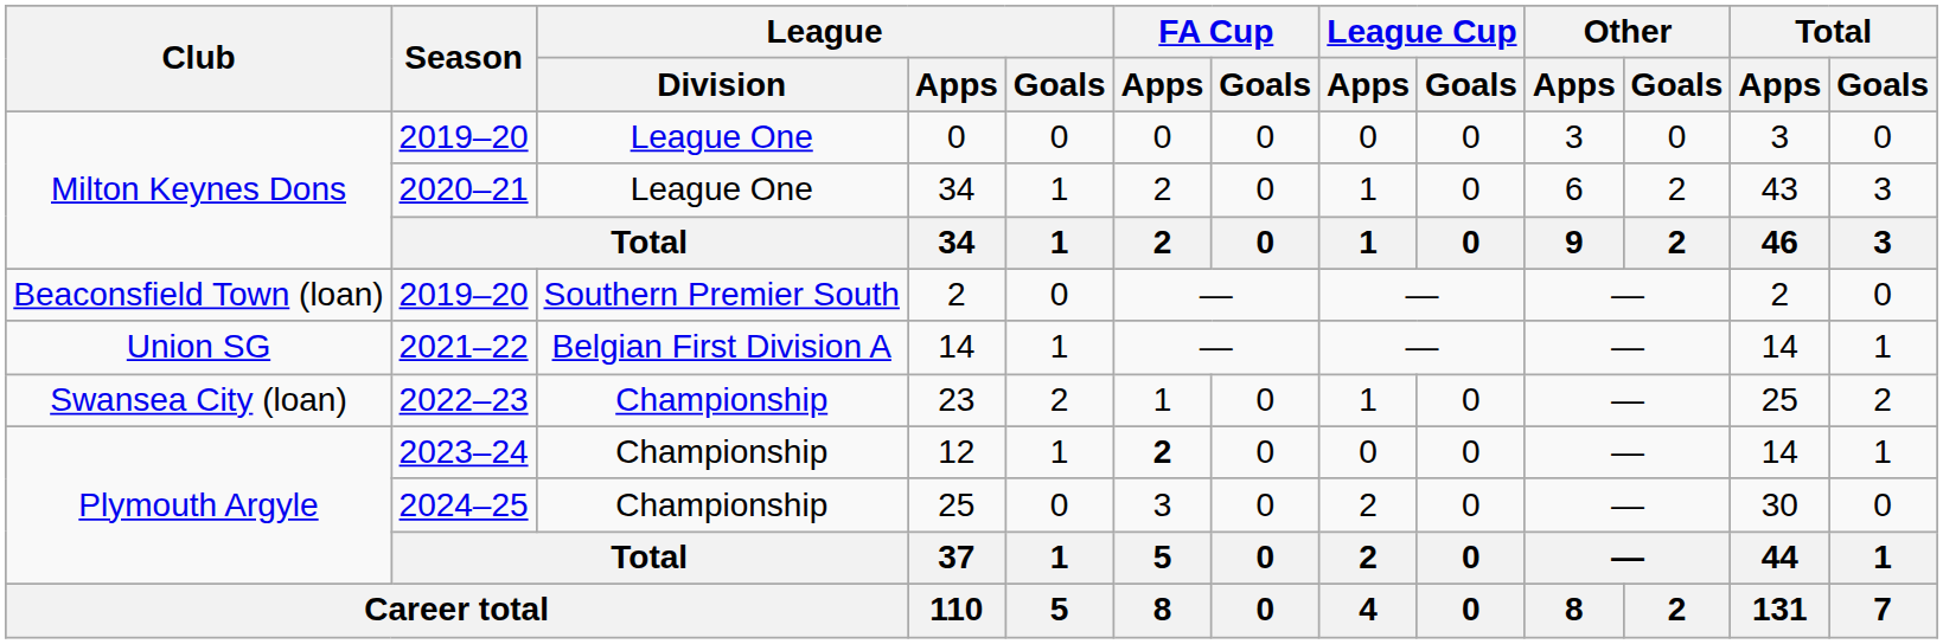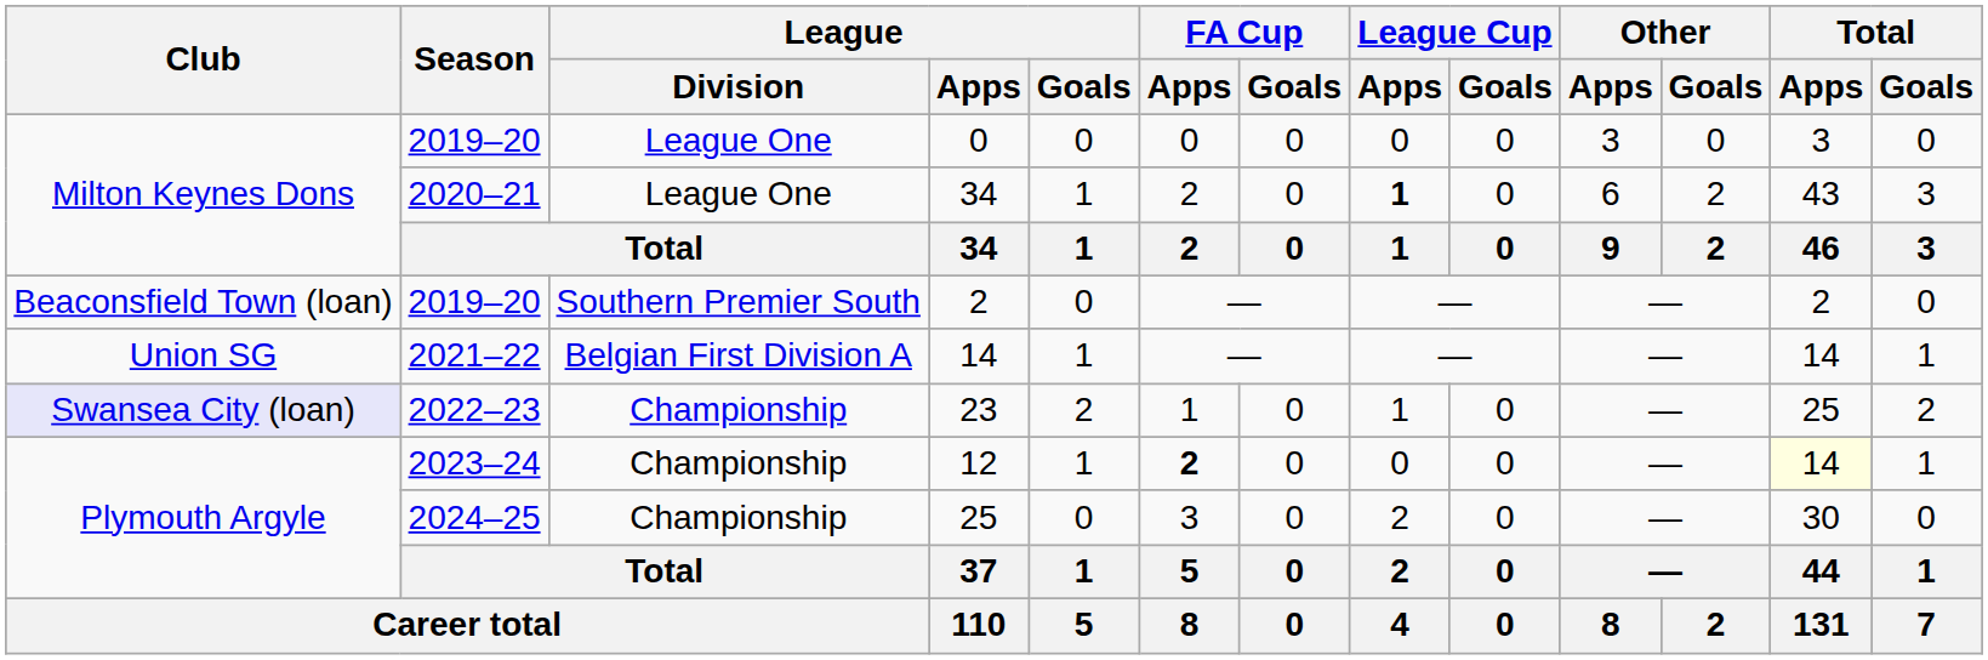 <table class="wikitable" style="text-align: center">
 <tr>
 <th rowspan="2">Club</th>
 <th rowspan="2">Season</th>
 <th colspan="3">League</th>
 <th colspan="2"><a href='#'>FA Cup</a></th>
 <th colspan="2"><a href='#'>League Cup</a></th>
 <th colspan="2">Other</th>
 <th colspan="2">Total</th>
 </tr>
 <tr>
 <th>Division</th>
 <th>Apps</th>
 <th>Goals</th>
 <th>Apps</th>
 <th>Goals</th>
 <th>Apps</th>
 <th>Goals</th>
 <th>Apps</th>
 <th>Goals</th>
 <th>Apps</th>
 <th>Goals</th>
 </tr>
 <tr>
 <td rowspan="3"><a href='#'>Milton Keynes Dons</a></td>
 <td><a href='#'>2019–20</a></td>
 <td><a href='#'>League One</a></td>
 <td>0</td>
 <td>0</td>
 <td>0</td>
 <td>0</td>
 <td>0</td>
 <td>0</td>
 <td>3</td>
 <td>0</td>
 <td>3</td>
 <td>0</td>
 </tr>
 <tr>
 <td><a href='#'>2020–21</a></td>
 <td>League One</td>
 <td>34</td>
 <td>1</td>
 <td>2</td>
 <td>0</td>
-<td>1</td>
+<td><strong>1</strong></td>
 <td>0</td>
 <td>6</td>
 <td>2</td>
 <td>43</td>
 <td>3 </td>
 </tr>
 <tr>
 <th colspan="2">Total</th>
 <th>34</th>
 <th>1</th>
 <th>2</th>
 <th>0</th>
 <th>1</th>
 <th>0</th>
 <th>9</th>
 <th>2</th>
 <th>46</th>
 <th>3</th>
 </tr>
 <tr>
 <td><a href='#'>Beaconsfield Town</a> (loan)</td>
 <td><a href='#'>2019–20</a></td>
 <td><a href='#'>Southern Premier South</a></td>
 <td>2</td>
 <td>0</td>
 <td colspan="2">—</td>
 <td colspan="2">—</td>
 <td colspan="2">—</td>
 <td>2</td>
 <td>0</td>
 </tr>
 <tr>
 <td><a href='#'>Union SG</a></td>
 <td><a href='#'>2021–22</a></td>
 <td><a href='#'>Belgian First Division A</a></td>
 <td>14</td>
 <td>1</td>
 <td colspan="2">—</td>
 <td colspan="2">—</td>
 <td colspan="2">—</td>
 <td>14</td>
 <td>1</td>
 </tr>
 <tr>
-<td><a href='#'>Swansea City</a> (loan)</td>
+<td style="background: lavender;"><a href='#'>Swansea City</a> (loan)</td>
 <td><a href='#'>2022–23</a></td>
 <td><a href='#'>Championship</a></td>
 <td>23</td>
 <td>2</td>
 <td>1</td>
 <td>0</td>
 <td>1</td>
 <td>0</td>
 <td colspan="2">—</td>
 <td>25</td>
 <td>2</td>
 </tr>
 <tr>
 <td rowspan="3"><a href='#'>Plymouth Argyle</a></td>
 <td><a href='#'>2023–24</a></td>
 <td>Championship</td>
 <td>12</td>
 <td>1</td>
 <td><strong>2</strong></td>
 <td>0</td>
 <td>0</td>
 <td>0</td>
 <td colspan="2">—</td>
-<td>14</td>
+<td style="background: lightyellow;">14</td>
 <td>1</td>
 </tr>
 <tr>
 <td><a href='#'>2024–25</a></td>
 <td>Championship</td>
 <td>25</td>
 <td>0</td>
 <td>3</td>
 <td>0</td>
 <td>2</td>
 <td>0</td>
 <td colspan="2">—</td>
 <td>30</td>
 <td>0</td>
 </tr>
 <tr>
 <th colspan="2">Total</th>
 <th>37</th>
 <th>1</th>
 <th>5</th>
 <th>0</th>
 <th>2</th>
 <th>0</th>
 <th colspan="2">—</th>
 <th>44</th>
 <th>1</th>
 </tr>
 <tr>
 <th colspan="3">Career total</th>
 <th>110</th>
 <th>5</th>
 <th>8</th>
 <th>0</th>
 <th>4</th>
 <th>0</th>
 <th>8</th>
 <th>2</th>
 <th>131</th>
 <th>7</th>
 </tr>
 </table>
